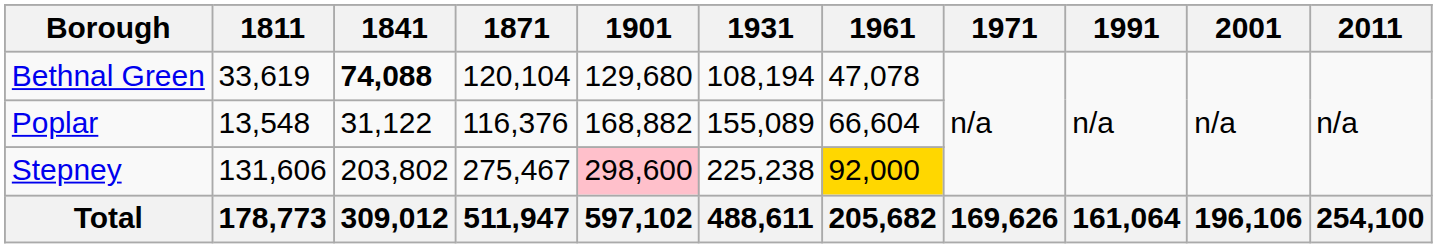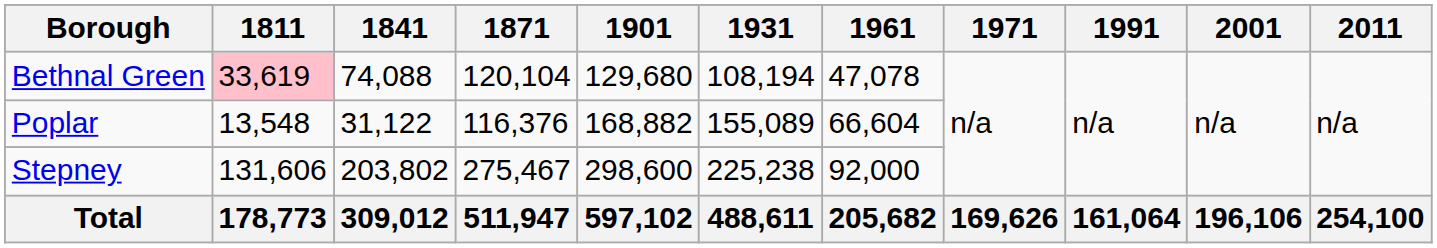 <table class="wikitable">
 <tr>
 <th>Borough</th>
 <th>1811</th>
 <th>1841</th>
 <th>1871</th>
 <th>1901</th>
 <th>1931</th>
 <th>1961</th>
 <th>1971</th>
 <th>1991</th>
 <th>2001</th>
 <th>2011</th>
 </tr>
 <tr>
 <td><a href='#'>Bethnal Green</a></td>
-<td>33,619</td>
-<td><strong>74,088</strong></td>
+<td style="background: pink;">33,619</td>
+<td>74,088</td>
 <td>120,104</td>
 <td>129,680</td>
 <td>108,194</td>
 <td>47,078</td>
 <td rowspan="3">n/a</td>
 <td rowspan="3">n/a</td>
 <td rowspan="3">n/a</td>
 <td rowspan="3">n/a</td>
 </tr>
 <tr>
 <td><a href='#'>Poplar</a></td>
 <td>13,548</td>
 <td>31,122</td>
 <td>116,376</td>
 <td>168,882</td>
 <td>155,089</td>
 <td>66,604</td>
 </tr>
 <tr>
 <td><a href='#'>Stepney</a></td>
 <td>131,606</td>
 <td>203,802</td>
 <td>275,467</td>
-<td style="background: pink;">298,600</td>
+<td>298,600</td>
 <td>225,238</td>
-<td style="background: gold;">92,000</td>
+<td>92,000</td>
 </tr>
 <tr>
 <th>Total</th>
 <th>178,773</th>
 <th>309,012</th>
 <th>511,947</th>
 <th>597,102</th>
 <th>488,611</th>
 <th>205,682</th>
 <th>169,626</th>
 <th>161,064</th>
 <th>196,106</th>
 <th>254,100</th>
 </tr>
 </table>
